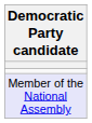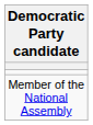 <table class="wikitable" style="font-size:90%; text-align:center;">
 <tr>
 <td style="background:#f1f1f1;" colspan="30"><big><strong>Democratic Party candidate</strong></big></td>
 </tr>
 <tr>
 <th style="width:3em; font-size:135%; background:"><a href='#'></a></th>
 </tr>
 <tr>
 <td></td>
 </tr>
 <tr>
-<td style="background: lavender;">Member of the <a href='#'>National Assembly</a><br></td>
+<td>Member of the <a href='#'>National Assembly</a><br></td>
 </tr>
 </table>
